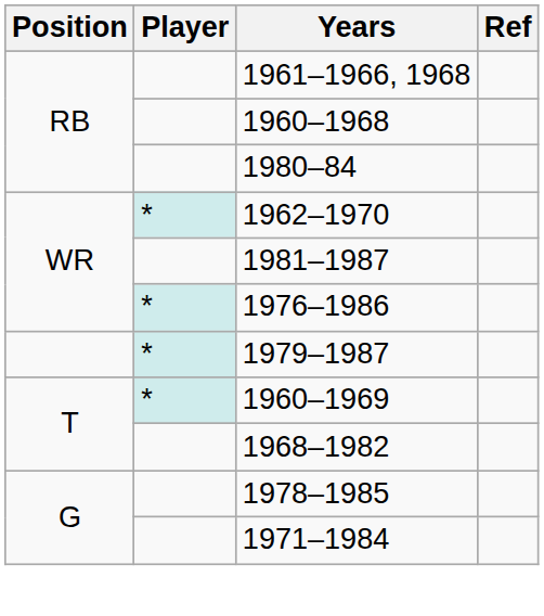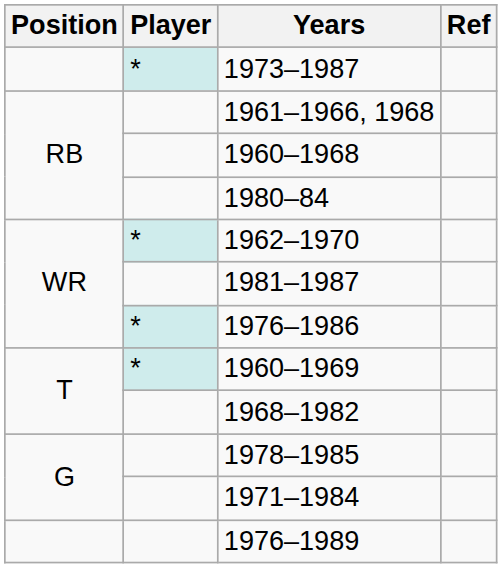 <table class="wikitable sortable" >
 <tr bgcolor="#efefef">
 <th>Position</th>
 <th>Player</th>
 <th>Years</th>
 <th class="unsortable">Ref</th>
+</tr>
+<tr>
+<td></td>
+<td style="background:#cfecec;">*</td>
+<td>1973–1987</td>
+<td></td>
 </tr>
 <tr>
 <td rowspan=3 style="text-align:center;">RB</td>
 <td></td>
 <td>1961–1966, 1968</td>
 <td></td>
 </tr>
 <tr>
 <td></td>
 <td>1960–1968</td>
 <td></td>
 </tr>
 <tr>
 <td></td>
 <td>1980–84</td>
 <td></td>
 </tr>
 <tr>
 <td rowspan=3 style="text-align:center;">WR</td>
 <td style="background:#cfecec;">*</td>
 <td>1962–1970</td>
 <td></td>
 </tr>
 <tr>
 <td></td>
 <td>1981–1987</td>
 <td></td>
 </tr>
 <tr>
 <td style="background:#cfecec;">*</td>
 <td>1976–1986</td>
 <td></td>
 </tr>
 <tr>
-<td></td>
-<td style="background:#cfecec;">*</td>
-<td>1979–1987</td>
-<td></td>
-</tr>
-<tr>
 <td rowspan=2 style="text-align:center;">T</td>
 <td style="background:#cfecec;">*</td>
 <td>1960–1969</td>
 <td></td>
 </tr>
 <tr>
 <td></td>
 <td>1968–1982</td>
 <td></td>
 </tr>
 <tr>
 <td rowspan=2 style="text-align:center;">G</td>
 <td></td>
 <td>1978–1985</td>
 <td></td>
 </tr>
 <tr>
 <td></td>
 <td>1971–1984</td>
 <td></td>
 </tr>
+<tr>
+<td></td>
+<td></td>
+<td>1976–1989</td>
+<td></td>
+</tr>
 </table>
